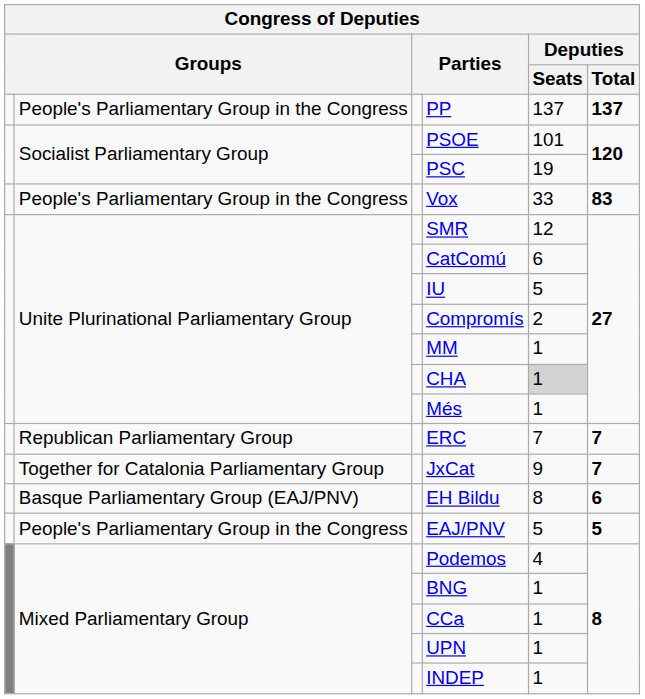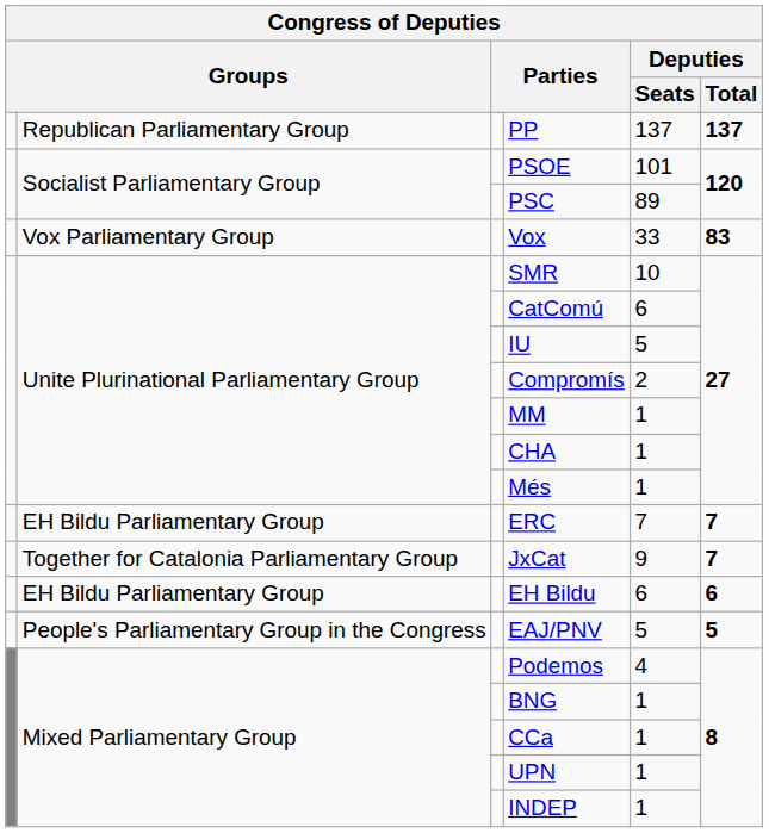 <table class="wikitable" style="text-align:left;">
 <tr>
 <th colspan="6">Congress of Deputies</th>
 </tr>
 <tr>
 <th rowspan="2" colspan="2">Groups</th>
 <th rowspan="2" colspan="2">Parties</th>
 <th colspan="2">Deputies</th>
 </tr>
 <tr>
 <th>Seats</th>
 <th>Total</th>
 </tr>
 <tr>
 <td width="1" style="color:inherit;background:"></td>
-<td>People's Parliamentary Group in the Congress</td>
+<td>Republican Parliamentary Group</td>
 <td style="color:inherit;background:"></td>
 <td><a href='#'>PP</a></td>
 <td>137</td>
 <td><strong>137</strong></td>
 </tr>
 <tr>
 <td rowspan="2" style="color:inherit;background:"></td>
 <td rowspan="2">Socialist Parliamentary Group</td>
 <td width="1" style="color:inherit;background:"></td>
 <td><a href='#'>PSOE</a></td>
 <td>101</td>
 <td rowspan="2"><strong>120</strong></td>
 </tr>
 <tr>
 <td style="color:inherit;background:"></td>
 <td><a href='#'>PSC</a></td>
-<td>19</td>
+<td>89</td>
 </tr>
 <tr>
 <td style="color:inherit;background:"></td>
-<td>People's Parliamentary Group in the Congress</td>
+<td>Vox Parliamentary Group</td>
 <td style="color:inherit;background:"></td>
 <td><a href='#'>Vox</a></td>
 <td>33</td>
 <td><strong>83</strong></td>
 </tr>
 <tr>
 <td rowspan="7" style="color:inherit;background:"></td>
 <td rowspan="7">Unite Plurinational Parliamentary Group</td>
 <td style="color:inherit;background:"></td>
 <td><a href='#'>SMR</a></td>
-<td>12</td>
+<td>10</td>
 <td rowspan="7"><strong>27</strong></td>
 </tr>
 <tr>
 <td style="color:inherit;background:"></td>
 <td><a href='#'>CatComú</a></td>
 <td>6</td>
 </tr>
 <tr>
 <td style="color:inherit;background:"></td>
 <td><a href='#'>IU</a></td>
 <td>5</td>
 </tr>
 <tr>
 <td style="color:inherit;background:"></td>
 <td><a href='#'>Compromís</a></td>
 <td>2</td>
 </tr>
 <tr>
 <td style="color:inherit;background:"></td>
 <td><a href='#'>MM</a></td>
 <td>1</td>
 </tr>
 <tr>
 <td style="color:inherit;background:"></td>
 <td><a href='#'>CHA</a></td>
-<td style="background: lightgrey;">1</td>
+<td>1</td>
 </tr>
 <tr>
 <td style="color:inherit;background:"></td>
 <td><a href='#'>Més</a></td>
 <td>1</td>
 </tr>
 <tr>
 <td style="color:inherit;background:"></td>
-<td>Republican Parliamentary Group</td>
+<td>EH Bildu Parliamentary Group</td>
 <td style="color:inherit;background:"></td>
 <td><a href='#'>ERC</a></td>
 <td>7</td>
 <td><strong>7</strong></td>
 </tr>
 <tr>
 <td style="color:inherit;background:"></td>
 <td>Together for Catalonia Parliamentary Group</td>
 <td style="color:inherit;background:"></td>
 <td><a href='#'>JxCat</a></td>
 <td>9</td>
 <td><strong>7</strong></td>
 </tr>
 <tr>
 <td style="color:inherit;background:"></td>
-<td>Basque Parliamentary Group (EAJ/PNV)</td>
+<td>EH Bildu Parliamentary Group</td>
 <td style="color:inherit;background:"></td>
 <td><a href='#'>EH Bildu</a></td>
-<td>8</td>
+<td>6</td>
 <td><strong>6</strong></td>
 </tr>
 <tr>
 <td style="color:inherit;background:"></td>
 <td>People's Parliamentary Group in the Congress</td>
 <td style="color:inherit;background:"></td>
 <td><a href='#'>EAJ/PNV</a></td>
 <td>5</td>
 <td><strong>5</strong></td>
 </tr>
 <tr>
 <td rowspan="5" bgcolor="gray"></td>
 <td rowspan="5">Mixed Parliamentary Group</td>
 <td style="color:inherit;background:"></td>
 <td><a href='#'>Podemos</a></td>
 <td>4</td>
 <td rowspan="5"><strong>8</strong></td>
 </tr>
 <tr>
 <td style="color:inherit;background:"></td>
 <td><a href='#'>BNG</a></td>
 <td>1</td>
 </tr>
 <tr>
 <td style="color:inherit;background:"></td>
 <td><a href='#'>CCa</a></td>
 <td>1</td>
 </tr>
 <tr>
 <td style="color:inherit;background:"></td>
 <td><a href='#'>UPN</a></td>
 <td>1</td>
 </tr>
 <tr>
 <td style="color:inherit;background:"></td>
 <td><a href='#'>INDEP</a></td>
 <td>1</td>
 </tr>
 </table>
